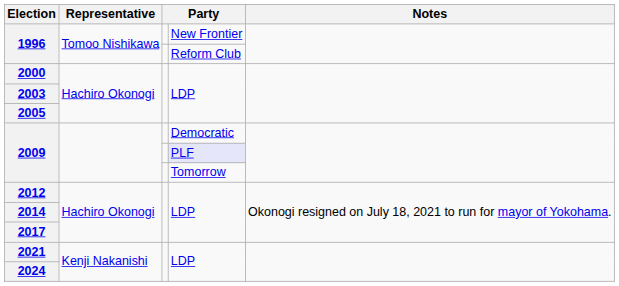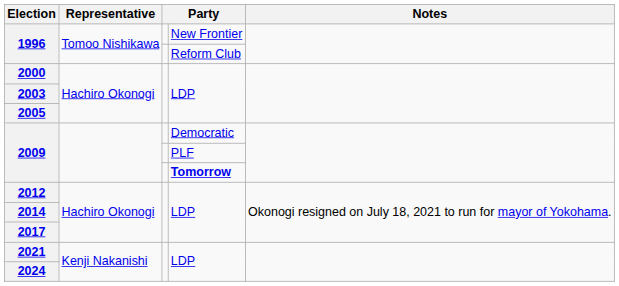 <table class=wikitable>
 <tr valign=bottom>
 <th>Election</th>
 <th>Representative</th>
 <th colspan=2>Party</th>
 <th>Notes</th>
 </tr>
 <tr>
 <th rowspan=2><a href='#'>1996</a></th>
 <td rowspan=2><a href='#'>Tomoo Nishikawa</a></td>
 <td bgcolor=></td>
 <td><a href='#'>New Frontier</a></td>
 <td rowspan=2></td>
 </tr>
 <tr>
 <td bgcolor=></td>
 <td><a href='#'>Reform Club</a></td>
 </tr>
 <tr>
 <th><a href='#'>2000</a></th>
 <td rowspan=3><a href='#'>Hachiro Okonogi</a></td>
 <td rowspan=3 bgcolor=></td>
 <td rowspan=3><a href='#'>LDP</a></td>
 <td rowspan=3></td>
 </tr>
 <tr>
 <th><a href='#'>2003</a></th>
 </tr>
 <tr>
 <th><a href='#'>2005</a></th>
 </tr>
 <tr>
 <th rowspan=3><a href='#'>2009</a></th>
 <td rowspan=3></td>
 <td bgcolor=></td>
 <td><a href='#'>Democratic</a></td>
 <td rowspan=3></td>
 </tr>
 <tr>
 <td bgcolor=></td>
-<td style="background: lavender;"><a href='#'>PLF</a></td>
+<td><a href='#'>PLF</a></td>
 </tr>
 <tr>
 <td bgcolor=></td>
-<td><a href='#'>Tomorrow</a></td>
+<td><strong><a href='#'>Tomorrow</a></strong></td>
 </tr>
 <tr>
 <th><a href='#'>2012</a></th>
 <td rowspan=3><a href='#'>Hachiro Okonogi</a></td>
 <td rowspan=3 bgcolor=></td>
 <td rowspan=3><a href='#'>LDP</a></td>
 <td rowspan=3>Okonogi resigned on July 18, 2021 to run for <a href='#'>mayor of Yokohama</a>.</td>
 </tr>
 <tr>
 <th><a href='#'>2014</a></th>
 </tr>
 <tr>
 <th><a href='#'>2017</a></th>
 </tr>
 <tr>
 <th><a href='#'>2021</a></th>
 <td rowspan=2><a href='#'>Kenji Nakanishi</a></td>
 <td rowspan=2 bgcolor=></td>
 <td rowspan=2><a href='#'>LDP</a></td>
 <td rowspan=2></td>
 </tr>
 <tr>
 <th><a href='#'>2024</a></th>
 </tr>
 </table>
